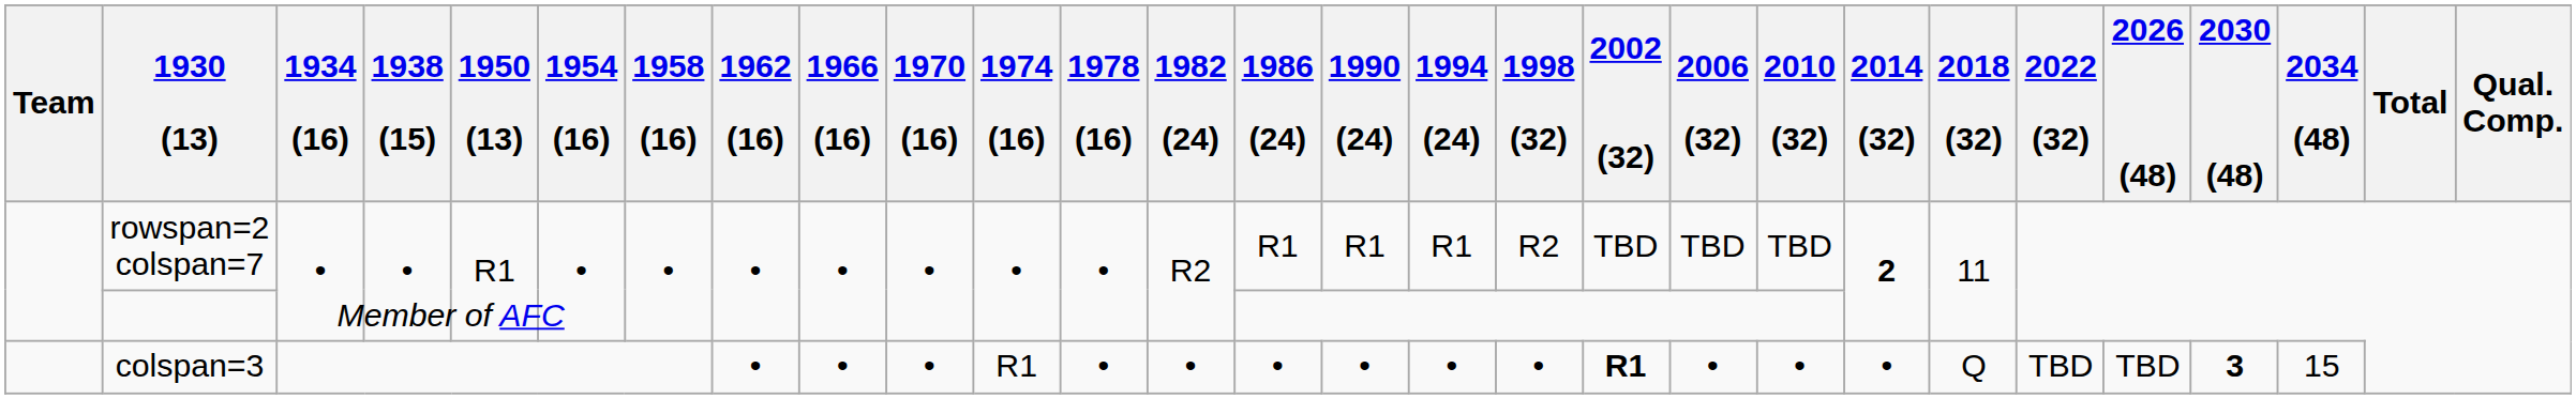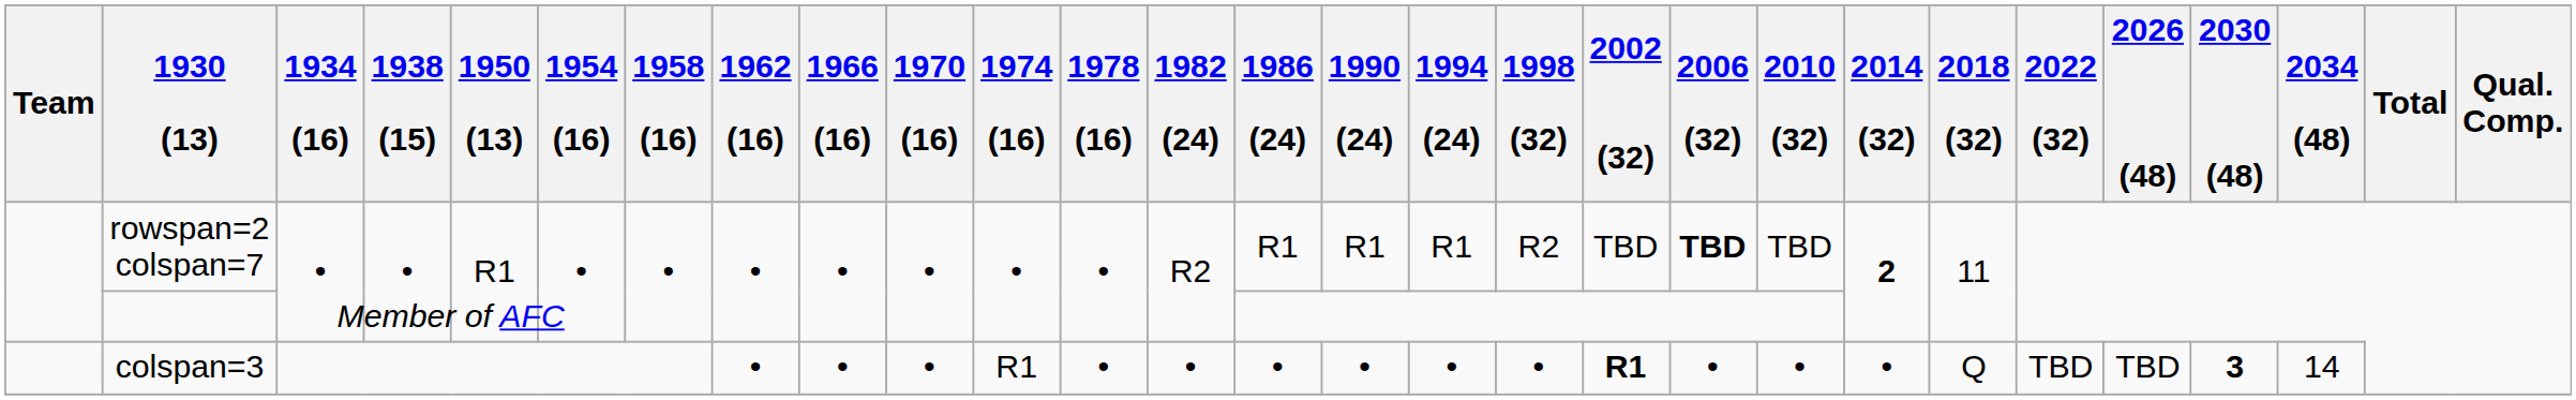 <table class="wikitable" style="text-align: center">
 <tr>
 <th>Team</th>
 <th><a href='#'>1930</a><br><br>(13)</th>
 <th><a href='#'>1934</a><br><br>(16)</th>
 <th><a href='#'>1938</a><br><br>(15)</th>
 <th><a href='#'>1950</a><br><br>(13)</th>
 <th><a href='#'>1954</a><br><br>(16)</th>
 <th><a href='#'>1958</a><br><br>(16)</th>
 <th><a href='#'>1962</a><br><br>(16)</th>
 <th><a href='#'>1966</a><br><br>(16)</th>
 <th><a href='#'>1970</a><br><br>(16)</th>
 <th><a href='#'>1974</a><br><br>(16)</th>
 <th><a href='#'>1978</a><br><br>(16)</th>
 <th><a href='#'>1982</a><br><br>(24)</th>
 <th><a href='#'>1986</a><br><br>(24)</th>
 <th><a href='#'>1990</a><br><br>(24)</th>
 <th><a href='#'>1994</a><br><br>(24)</th>
 <th><a href='#'>1998</a><br><br>(32)</th>
 <th><a href='#'>2002</a><br><br><br>(32)</th>
 <th><a href='#'>2006</a><br><br>(32)</th>
 <th><a href='#'>2010</a><br><br>(32)</th>
 <th><a href='#'>2014</a><br><br>(32)</th>
 <th><a href='#'>2018</a><br><br>(32)</th>
 <th><a href='#'>2022</a><br><br>(32)</th>
 <th><a href='#'>2026</a><br><br><br><br>(48)</th>
 <th><a href='#'>2030</a><br><br><br><br>(48)</th>
 <th><a href='#'>2034</a><br><br>(48)</th>
 <th>Total</th>
 <th>Qual.<br>Comp.</th>
 </tr>
 <tr>
 <td rowspan=2 align=left></td>
 <td>rowspan=2 colspan=7 </td>
 <td rowspan=2>•</td>
 <td rowspan=2>•</td>
 <td rowspan=2>R1<br></td>
 <td rowspan=2>•</td>
 <td rowspan=2>•</td>
 <td rowspan=2>•</td>
 <td rowspan=2>•</td>
 <td rowspan=2>•</td>
 <td rowspan=2>•</td>
 <td rowspan=2>•</td>
 <td rowspan=2>R2<br></td>
 <td>R1<br></td>
 <td>R1<br></td>
 <td>R1<br></td>
 <td>R2<br></td>
 <td>TBD</td>
-<td>TBD</td>
+<td><strong>TBD</strong></td>
 <td>TBD</td>
 <td rowspan=2><strong>2</strong></td>
 <td rowspan=2>11</td>
 </tr>
 <tr>
 <td colspan=7><em>Member of <a href='#'>AFC</a></em></td>
 </tr>
 <tr>
 <td id="NZL" align=left></td>
 <td>colspan=3 </td>
 <td colspan=5></td>
 <td>•</td>
 <td>•</td>
 <td>•</td>
 <td>R1<br></td>
 <td>•</td>
 <td>•</td>
 <td>•</td>
 <td>•</td>
 <td>•</td>
 <td>•</td>
 <td><strong>R1<br></strong></td>
 <td>•</td>
 <td>•</td>
 <td>•</td>
 <td>Q</td>
 <td>TBD</td>
 <td>TBD</td>
 <td><strong>3</strong></td>
-<td>15</td>
+<td>14</td>
 </tr>
 </table>
